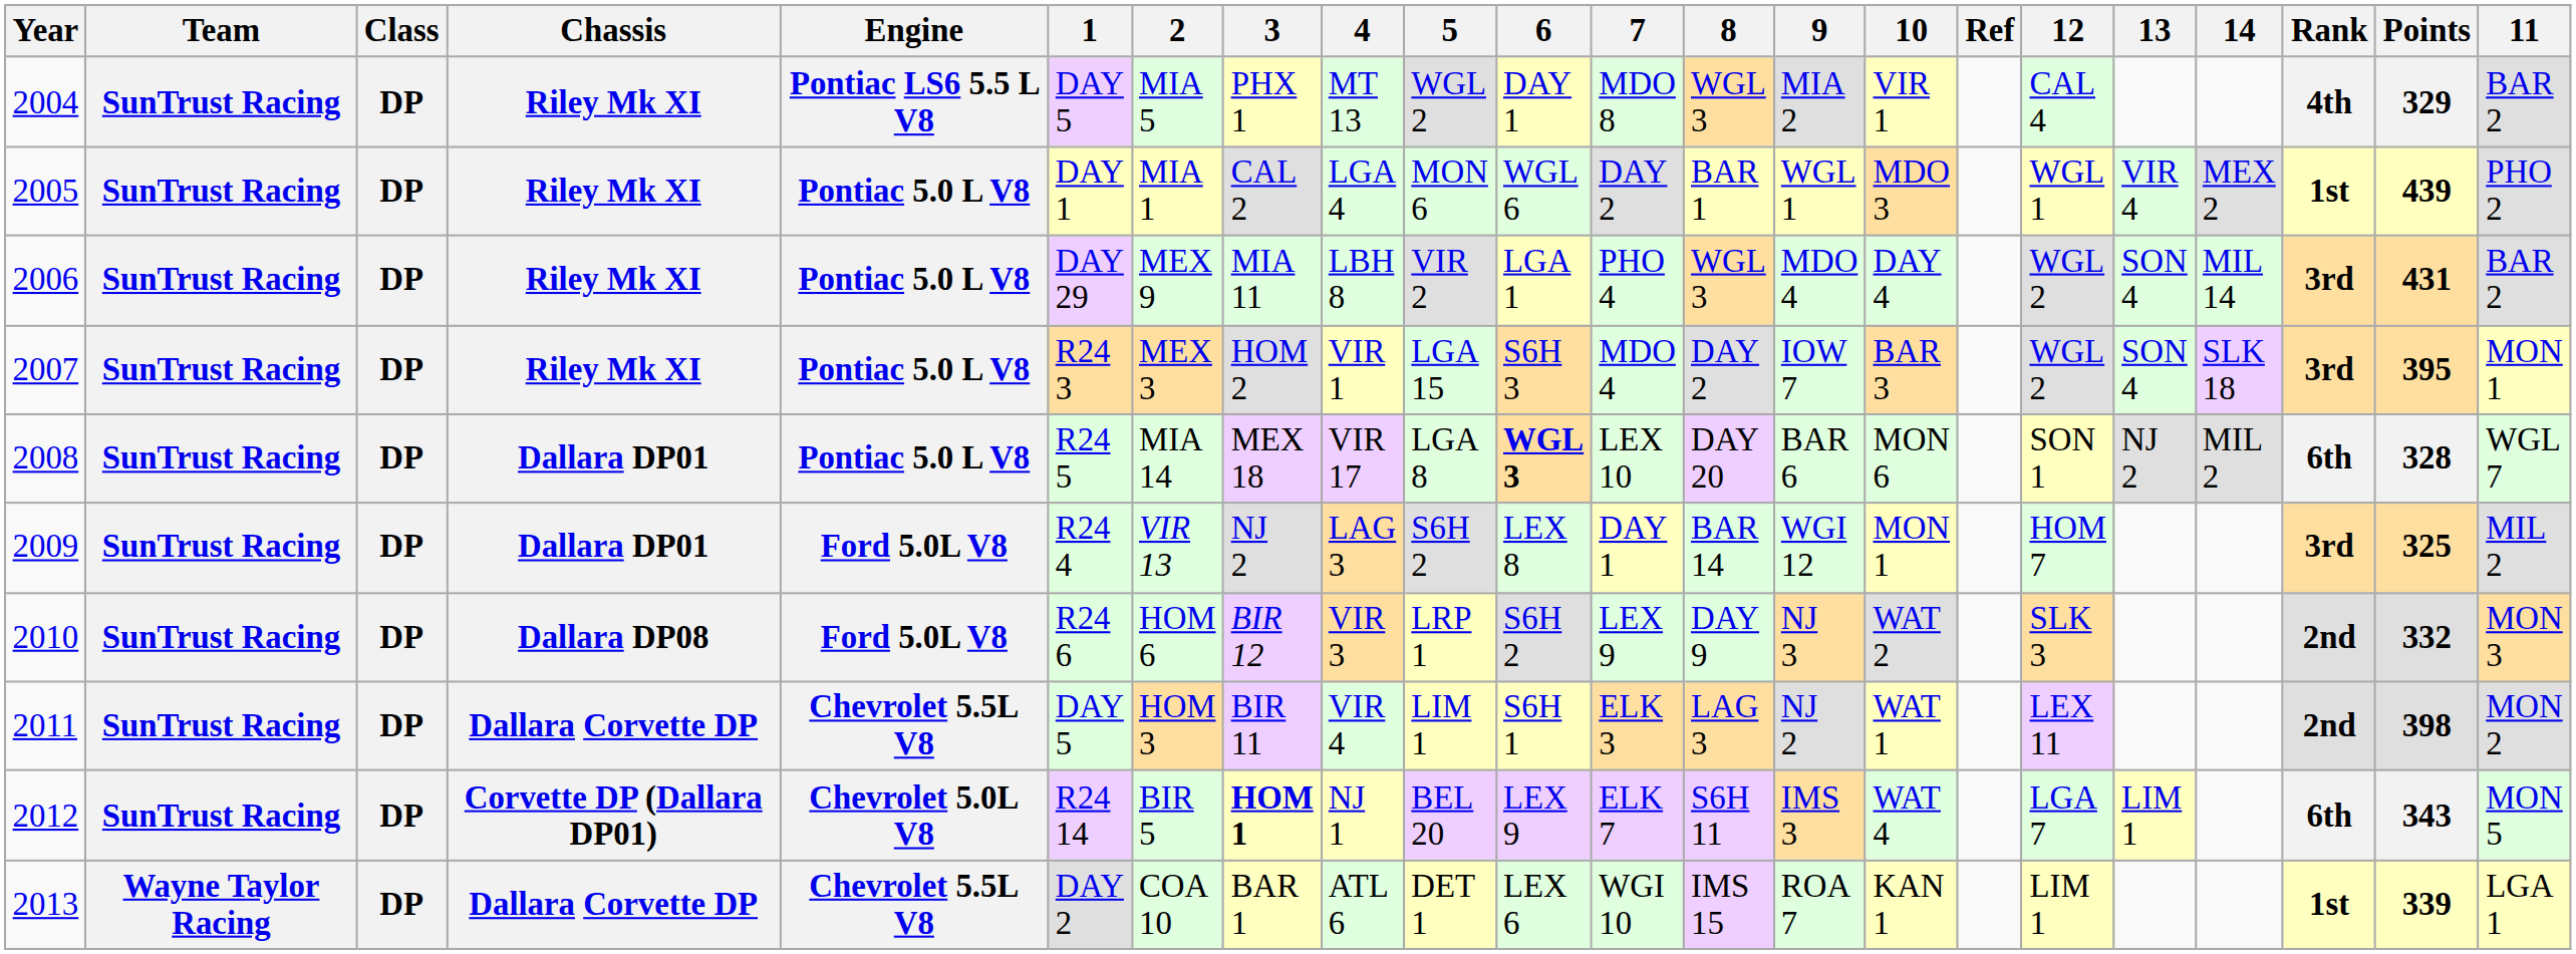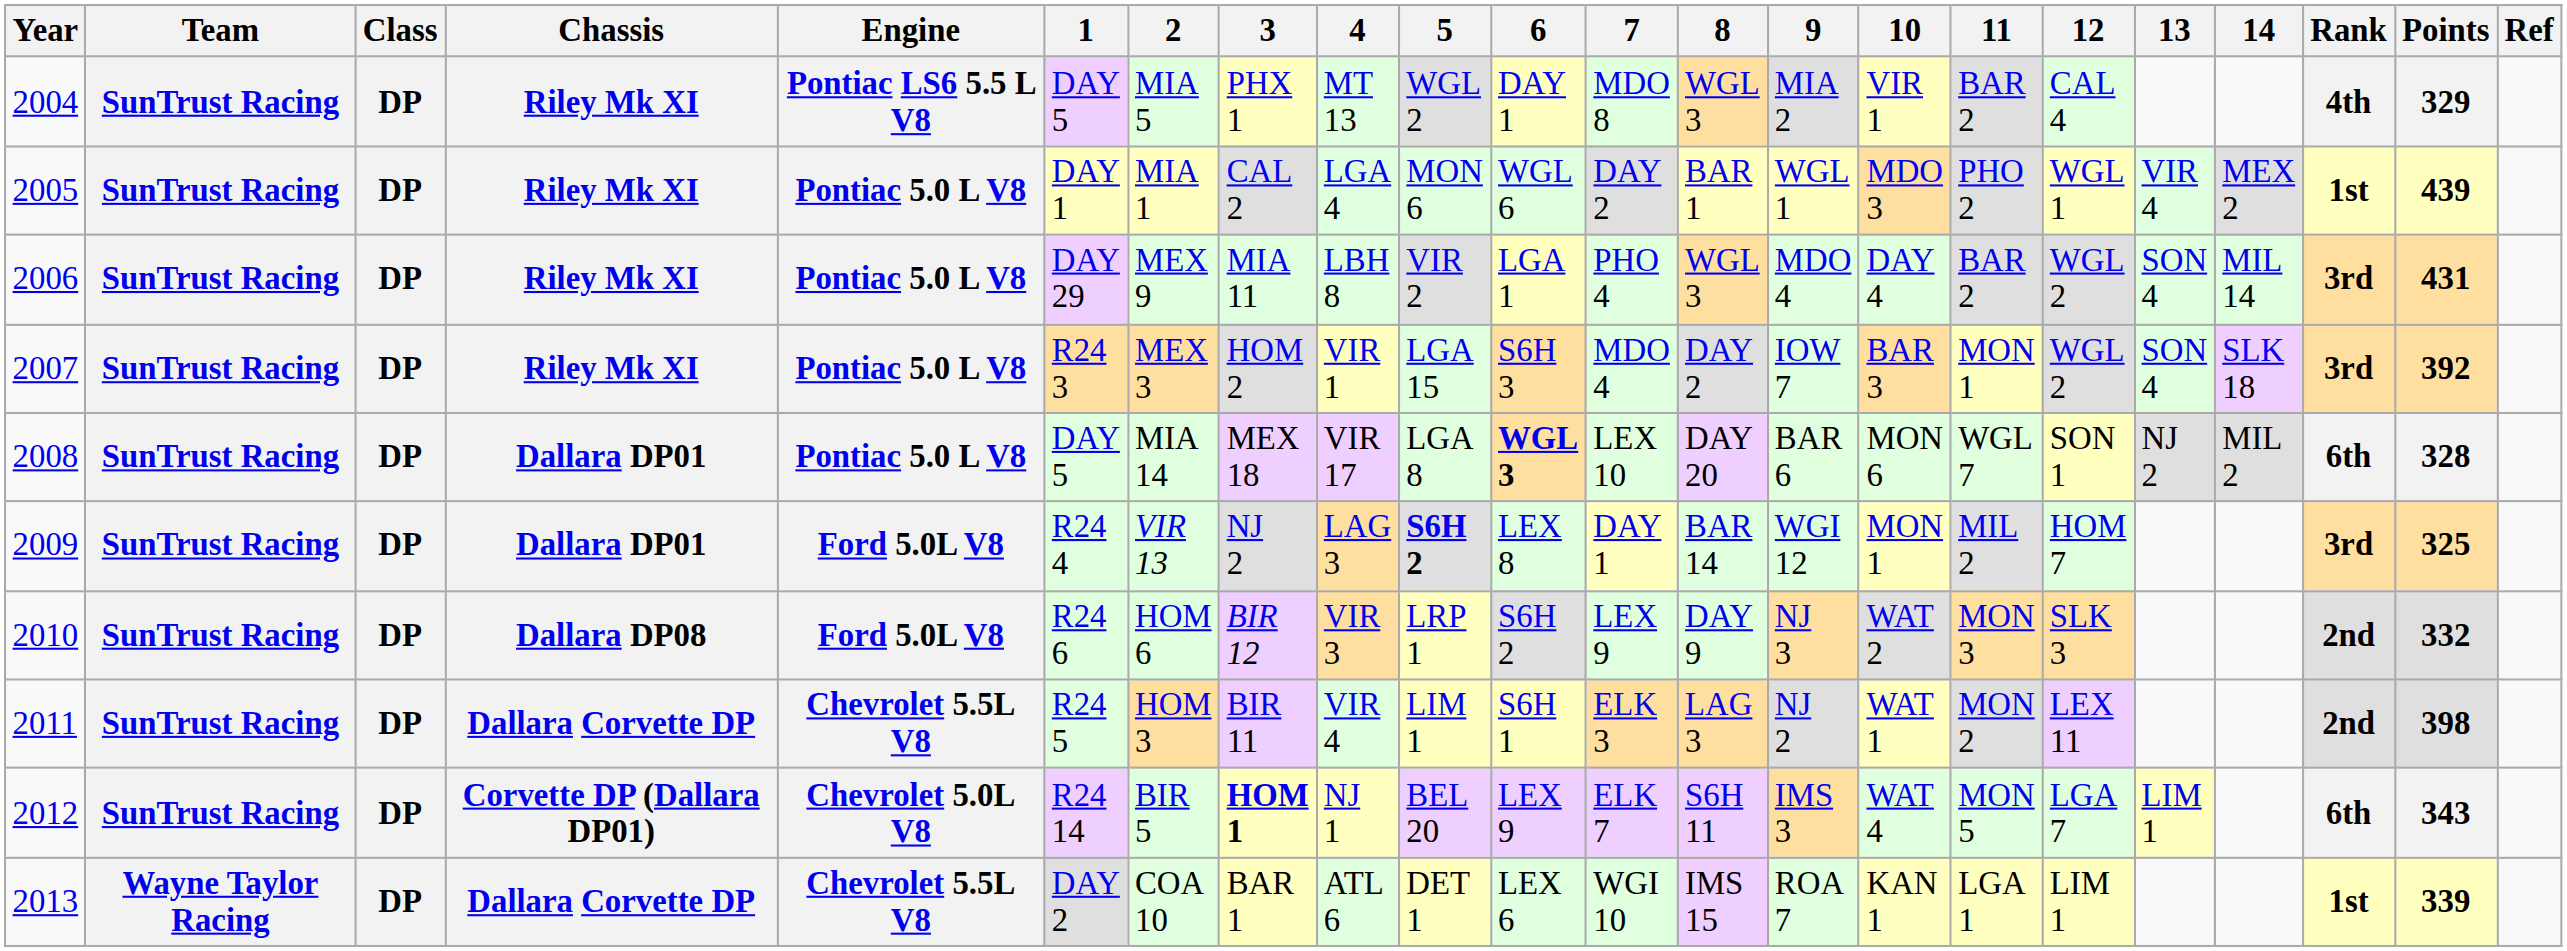 <table class="wikitable">
 <tr>
 <th>Year</th>
 <th>Team</th>
 <th>Class</th>
 <th>Chassis</th>
 <th>Engine</th>
 <th>1</th>
 <th>2</th>
 <th>3</th>
 <th>4</th>
 <th>5</th>
 <th>6</th>
 <th>7</th>
 <th>8</th>
 <th>9</th>
 <th>10</th>
-<th>Ref</th>
+<th>11</th>
 <th>12</th>
 <th>13</th>
 <th>14</th>
 <th>Rank</th>
 <th>Points</th>
-<th>11</th>
+<th>Ref</th>
 </tr>
 <tr>
 <td><a href='#'>2004</a></td>
 <th><a href='#'>SunTrust Racing</a></th>
 <th>DP</th>
 <th><a href='#'>Riley Mk XI</a></th>
 <th><a href='#'>Pontiac</a> <a href='#'>LS6</a> 5.5 L <a href='#'>V8</a></th>
 <td style="background:#EFCFFF;"><a href='#'>DAY</a><br>5</td>
 <td style="background:#DFFFDF;"><a href='#'>MIA</a><br>5</td>
 <td style="background:#FFFFBF;”"><a href='#'>PHX</a><br>1</td>
 <td style="background:#DFFFDF;"><a href='#'>MT</a><br>13</td>
 <td style="background:#DFDFDF;”"><a href='#'>WGL</a><br>2</td>
 <td style="background:#FFFFBF;”"><a href='#'>DAY</a><br>1</td>
 <td style="background:#DFFFDF;"><a href='#'>MDO</a><br>8</td>
 <td style="background:#FFDF9F;”"><a href='#'>WGL</a><br>3</td>
 <td style="background:#DFDFDF;”"><a href='#'>MIA</a><br>2</td>
 <td style="background:#FFFFBF;”"><a href='#'>VIR</a><br>1</td>
-<td></td>
+<td style="background:#DFDFDF;”"><a href='#'>BAR</a><br>2</td>
 <td style="background:#DFFFDF;"><a href='#'>CAL</a><br>4</td>
 <td></td>
 <td></td>
 <th>4th</th>
 <th>329</th>
-<td style="background:#DFDFDF;”"><a href='#'>BAR</a><br>2</td>
+<td></td>
 </tr>
 <tr>
 <td><a href='#'>2005</a></td>
 <th><a href='#'>SunTrust Racing</a></th>
 <th>DP</th>
 <th><a href='#'>Riley Mk XI</a></th>
 <th><a href='#'>Pontiac</a> 5.0 L <a href='#'>V8</a></th>
 <td style="background:#FFFFBF;”"><a href='#'>DAY</a><br>1</td>
 <td style="background:#FFFFBF;”"><a href='#'>MIA</a><br>1</td>
 <td style="background:#DFDFDF;”"><a href='#'>CAL</a><br>2</td>
 <td style="background:#DFFFDF;"><a href='#'>LGA</a><br>4</td>
 <td style="background:#DFFFDF;"><a href='#'>MON</a><br>6</td>
 <td style="background:#DFFFDF;"><a href='#'>WGL</a><br>6</td>
 <td style="background:#DFDFDF;”"><a href='#'>DAY</a><br>2</td>
 <td style="background:#FFFFBF;”"><a href='#'>BAR</a><br>1</td>
 <td style="background:#FFFFBF;”"><a href='#'>WGL</a><br>1</td>
 <td style="background:#FFDF9F;”"><a href='#'>MDO</a><br>3</td>
-<td></td>
+<td style="background:#DFDFDF;”"><a href='#'>PHO</a><br>2</td>
 <td style="background:#FFFFBF;”"><a href='#'>WGL</a><br>1</td>
 <td style="background:#DFFFDF;"><a href='#'>VIR</a><br>4</td>
 <td style="background:#DFDFDF;”"><a href='#'>MEX</a><br>2</td>
 <th style="background:#FFFFBF;”">1st</th>
 <th style="background:#FFFFBF;”">439</th>
-<td style="background:#DFDFDF;”"><a href='#'>PHO</a><br>2</td>
+<td></td>
 </tr>
 <tr>
 <td><a href='#'>2006</a></td>
 <th><a href='#'>SunTrust Racing</a></th>
 <th>DP</th>
 <th><a href='#'>Riley Mk XI</a></th>
 <th><a href='#'>Pontiac</a> 5.0 L <a href='#'>V8</a></th>
 <td style="background:#EFCFFF;"><a href='#'>DAY</a><br>29</td>
 <td style="background:#DFFFDF;"><a href='#'>MEX</a><br>9</td>
 <td style="background:#DFFFDF;"><a href='#'>MIA</a><br>11</td>
 <td style="background:#DFFFDF;"><a href='#'>LBH</a><br>8</td>
 <td style="background:#DFDFDF;”"><a href='#'>VIR</a><br>2</td>
 <td style="background:#FFFFBF;”"><a href='#'>LGA</a><br>1</td>
 <td style="background:#DFFFDF;"><a href='#'>PHO</a><br>4</td>
 <td style="background:#FFDF9F;”"><a href='#'>WGL</a><br>3</td>
 <td style="background:#DFFFDF;"><a href='#'>MDO</a><br>4</td>
 <td style="background:#DFFFDF;"><a href='#'>DAY</a><br>4</td>
-<td></td>
+<td style="background:#DFDFDF;”"><a href='#'>BAR</a><br>2</td>
 <td style="background:#DFDFDF;”"><a href='#'>WGL</a><br>2</td>
 <td style="background:#DFFFDF;"><a href='#'>SON</a><br>4</td>
 <td style="background:#DFFFDF;"><a href='#'>MIL</a><br>14</td>
 <th style="background:#FFDF9F;”">3rd</th>
 <th style="background:#FFDF9F;”">431</th>
-<td style="background:#DFDFDF;”"><a href='#'>BAR</a><br>2</td>
+<td></td>
 </tr>
 <tr>
 <td><a href='#'>2007</a></td>
 <th><a href='#'>SunTrust Racing</a></th>
 <th>DP</th>
 <th><a href='#'>Riley Mk XI</a></th>
 <th><a href='#'>Pontiac</a> 5.0 L <a href='#'>V8</a></th>
 <td style="background:#FFDF9F;”"><a href='#'>R24</a><br>3</td>
 <td style="background:#FFDF9F;”"><a href='#'>MEX</a><br>3</td>
 <td style="background:#DFDFDF;”"><a href='#'>HOM</a><br>2</td>
 <td style="background:#FFFFBF;”"><a href='#'>VIR</a><br>1</td>
 <td style="background:#DFFFDF;"><a href='#'>LGA</a><br>15</td>
 <td style="background:#FFDF9F;”"><a href='#'>S6H</a><br>3</td>
 <td style="background:#DFFFDF;"><a href='#'>MDO</a><br>4</td>
 <td style="background:#DFDFDF;”"><a href='#'>DAY</a><br>2</td>
 <td style="background:#DFFFDF;"><a href='#'>IOW</a><br>7</td>
 <td style="background:#FFDF9F;”"><a href='#'>BAR</a><br>3</td>
-<td></td>
+<td style="background:#FFFFBF;”"><a href='#'>MON</a><br>1</td>
 <td style="background:#DFDFDF;”"><a href='#'>WGL</a><br>2</td>
 <td style="background:#DFFFDF;"><a href='#'>SON</a><br>4</td>
 <td style="background:#EFCFFF;"><a href='#'>SLK</a><br>18</td>
 <th style="background:#FFDF9F;”">3rd</th>
-<th style="background:#FFDF9F;”">395</th>
-<td style="background:#FFFFBF;”"><a href='#'>MON</a><br>1</td>
+<th style="background:#FFDF9F;”">392</th>
+<td></td>
 </tr>
 <tr>
 <td><a href='#'>2008</a></td>
 <th><a href='#'>SunTrust Racing</a></th>
 <th>DP</th>
 <th><a href='#'>Dallara</a> DP01</th>
 <th><a href='#'>Pontiac</a> 5.0 L <a href='#'>V8</a></th>
-<td style="background:#DFFFDF;"><a href='#'>R24</a><br>5</td>
+<td style="background:#DFFFDF;"><a href='#'>DAY</a><br>5</td>
 <td style="background:#DFFFDF;">MIA<br>14</td>
 <td style="background:#EFCFFF;">MEX<br>18</td>
 <td style="background:#EFCFFF;">VIR<br>17</td>
 <td style="background:#DFFFDF;">LGA<br>8</td>
 <td style="background:#FFDF9F;”"><strong><a href='#'>WGL</a><br>3</strong></td>
 <td style="background:#DFFFDF;">LEX<br>10</td>
 <td style="background:#EFCFFF;">DAY<br>20</td>
 <td style="background:#DFFFDF;">BAR<br>6</td>
 <td style="background:#DFFFDF;">MON<br>6</td>
-<td></td>
+<td style="background:#DFFFDF;">WGL<br>7</td>
 <td style="background:#FFFFBF;”">SON<br>1</td>
 <td style="background:#DFDFDF;”">NJ<br>2</td>
 <td style="background:#DFDFDF;”">MIL<br>2</td>
 <th>6th</th>
 <th>328</th>
-<td style="background:#DFFFDF;">WGL<br>7</td>
+<td></td>
 </tr>
 <tr>
 <td><a href='#'>2009</a></td>
 <th><a href='#'>SunTrust Racing</a></th>
 <th>DP</th>
 <th><a href='#'>Dallara</a> DP01</th>
 <th><a href='#'>Ford</a> 5.0L <a href='#'>V8</a></th>
 <td style="background:#DFFFDF;"><a href='#'>R24</a><br>4</td>
 <td style="background:#DFFFDF;"><em><a href='#'>VIR</a><br>13</em></td>
 <td style="background:#DFDFDF;”"><a href='#'>NJ</a><br>2</td>
 <td style="background:#FFDF9F;”"><a href='#'>LAG</a><br>3</td>
-<td style="background:#DFDFDF;”"><a href='#'>S6H</a><br>2</td>
+<td style="background:#DFDFDF;”"><strong><a href='#'>S6H</a><br>2</strong></td>
 <td style="background:#DFFFDF;"><a href='#'>LEX</a><br>8</td>
 <td style="background:#FFFFBF;”"><a href='#'>DAY</a><br>1</td>
 <td style="background:#DFFFDF;"><a href='#'>BAR</a><br>14</td>
 <td style="background:#DFFFDF;"><a href='#'>WGI</a><br>12</td>
 <td style="background:#FFFFBF;”"><a href='#'>MON</a><br>1</td>
-<td></td>
+<td style="background:#DFDFDF;”"><a href='#'>MIL</a><br>2</td>
 <td style="background:#DFFFDF;"><a href='#'>HOM</a><br>7</td>
 <td></td>
 <td></td>
 <th style="background:#FFDF9F;”">3rd</th>
 <th style="background:#FFDF9F;”">325</th>
-<td style="background:#DFDFDF;”"><a href='#'>MIL</a><br>2</td>
+<td></td>
 </tr>
 <tr>
 <td><a href='#'>2010</a></td>
 <th><a href='#'>SunTrust Racing</a></th>
 <th>DP</th>
 <th><a href='#'>Dallara</a> DP08</th>
 <th><a href='#'>Ford</a> 5.0L <a href='#'>V8</a></th>
 <td style="background:#DFFFDF;"><a href='#'>R24</a><br>6</td>
 <td style="background:#DFFFDF;"><a href='#'>HOM</a><br>6</td>
 <td style="background:#EFCFFF;"><em><a href='#'>BIR</a><br>12</em></td>
 <td style="background:#FFDF9F;”"><a href='#'>VIR</a><br>3</td>
 <td style="background:#FFFFBF;”"><a href='#'>LRP</a><br>1</td>
 <td style="background:#DFDFDF;”"><a href='#'>S6H</a><br>2</td>
 <td style="background:#DFFFDF;"><a href='#'>LEX</a><br>9</td>
 <td style="background:#DFFFDF;"><a href='#'>DAY</a><br>9</td>
 <td style="background:#FFDF9F;”"><a href='#'>NJ</a><br>3</td>
 <td style="background:#DFDFDF;”"><a href='#'>WAT</a><br>2</td>
-<td></td>
+<td style="background:#FFDF9F;”"><a href='#'>MON</a><br>3</td>
 <td style="background:#FFDF9F;”"><a href='#'>SLK</a><br>3</td>
 <td></td>
 <td></td>
 <th style="background:#DFDFDF;”">2nd</th>
 <th style="background:#DFDFDF;”">332</th>
-<td style="background:#FFDF9F;”"><a href='#'>MON</a><br>3</td>
+<td></td>
 </tr>
 <tr>
 <td><a href='#'>2011</a></td>
 <th><a href='#'>SunTrust Racing</a></th>
 <th>DP</th>
 <th><a href='#'>Dallara</a> <a href='#'>Corvette DP</a></th>
 <th><a href='#'>Chevrolet</a> 5.5L <a href='#'>V8</a></th>
-<td style="background:#DFFFDF;"><a href='#'>DAY</a><br>5</td>
+<td style="background:#DFFFDF;"><a href='#'>R24</a><br>5</td>
 <td style="background:#FFDF9F;”"><a href='#'>HOM</a><br>3</td>
 <td style="background:#EFCFFF;"><a href='#'>BIR</a><br>11</td>
 <td style="background:#DFFFDF;"><a href='#'>VIR</a><br>4</td>
 <td style="background:#FFFFBF;”"><a href='#'>LIM</a><br>1</td>
 <td style="background:#FFFFBF;”"><a href='#'>S6H</a><br>1</td>
 <td style="background:#FFDF9F;”"><a href='#'>ELK</a><br>3</td>
 <td style="background:#FFDF9F;”"><a href='#'>LAG</a><br>3</td>
 <td style="background:#DFDFDF;”"><a href='#'>NJ</a><br>2</td>
 <td style="background:#FFFFBF;”"><a href='#'>WAT</a><br>1</td>
-<td></td>
+<td style="background:#DFDFDF;”"><a href='#'>MON</a><br>2</td>
 <td style="background:#EFCFFF;"><a href='#'>LEX</a><br>11</td>
 <td></td>
 <td></td>
 <th style="background:#DFDFDF;”">2nd</th>
 <th style="background:#DFDFDF;”">398</th>
-<td style="background:#DFDFDF;”"><a href='#'>MON</a><br>2</td>
+<td></td>
 </tr>
 <tr>
 <td><a href='#'>2012</a></td>
 <th><a href='#'>SunTrust Racing</a></th>
 <th>DP</th>
 <th><a href='#'>Corvette DP</a> (<a href='#'>Dallara</a> DP01)</th>
 <th><a href='#'>Chevrolet</a> 5.0L <a href='#'>V8</a></th>
 <td style="background:#EFCFFF;"><a href='#'>R24</a><br>14</td>
 <td style="background:#DFFFDF;"><a href='#'>BIR</a><br>5</td>
 <td style="background:#FFFFBF;”"><strong><a href='#'>HOM</a><br>1</strong></td>
 <td style="background:#FFFFBF;”"><a href='#'>NJ</a><br>1</td>
 <td style="background:#EFCFFF;"><a href='#'>BEL</a><br>20</td>
 <td style="background:#EFCFFF;"><a href='#'>LEX</a><br>9</td>
 <td style="background:#EFCFFF;"><a href='#'>ELK</a><br>7</td>
 <td style="background:#EFCFFF;"><a href='#'>S6H</a><br>11</td>
 <td style="background:#FFDF9F;”"><a href='#'>IMS</a><br>3</td>
 <td style="background:#DFFFDF;"><a href='#'>WAT</a><br>4</td>
-<td></td>
+<td style="background:#DFFFDF;"><a href='#'>MON</a><br>5</td>
 <td style="background:#DFFFDF;"><a href='#'>LGA</a><br>7</td>
 <td style="background:#FFFFBF;”"><a href='#'>LIM</a><br>1</td>
 <td></td>
 <th>6th</th>
 <th>343</th>
-<td style="background:#DFFFDF;"><a href='#'>MON</a><br>5</td>
+<td></td>
 </tr>
 <tr>
 <td><a href='#'>2013</a></td>
 <th><a href='#'>Wayne Taylor Racing</a></th>
 <th>DP</th>
 <th><a href='#'>Dallara</a> <a href='#'>Corvette DP</a></th>
 <th><a href='#'>Chevrolet</a> 5.5L <a href='#'>V8</a></th>
 <td style="background:#dfdfdf;"><a href='#'>DAY</a><br>2</td>
 <td style="background:#dfffdf;">COA<br>10</td>
 <td style="background:#ffffbf;">BAR<br>1</td>
 <td style="background:#dfffdf;">ATL<br>6</td>
 <td style="background:#ffffbf;">DET<br>1</td>
 <td style="background:#dfffdf;">LEX<br>6</td>
 <td style="background:#dfffdf;">WGI<br>10</td>
 <td style="background:#efcfff;">IMS<br>15</td>
 <td style="background:#dfffdf;">ROA<br>7</td>
 <td style="background:#ffffbf;">KAN<br>1</td>
-<td></td>
+<td style="background:#ffffbf;">LGA<br>1</td>
 <td style="background:#ffffbf;">LIM<br>1</td>
 <td></td>
 <td></td>
 <th style="background:#ffffbf;">1st</th>
 <th style="background:#ffffbf;">339</th>
-<td style="background:#ffffbf;">LGA<br>1</td>
+<td></td>
 </tr>
 </table>
